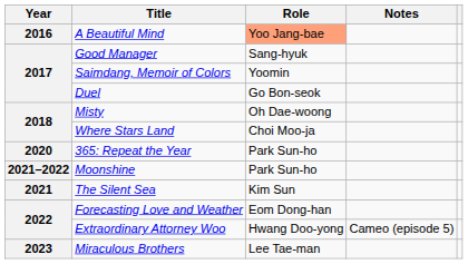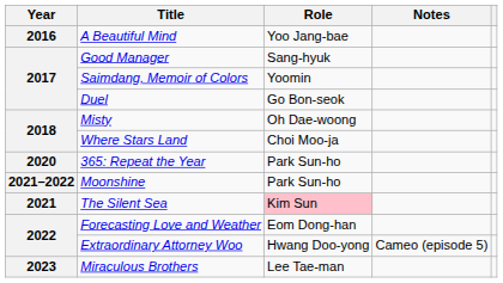 <table class="wikitable plainrowheaders">
 <tr>
 <th scope="col">Year</th>
 <th scope="col">Title</th>
 <th scope="col">Role</th>
 <th>Notes</th>
 <th scope="col" class="unsortable"></th>
 </tr>
 <tr>
 <th scope="row">2016</th>
 <td><em><a href='#'>A Beautiful Mind</a></em></td>
-<td style="background: lightsalmon;">Yoo Jang-bae</td>
+<td>Yoo Jang-bae</td>
 <td></td>
 <td></td>
 </tr>
 <tr>
 <th scope="row" rowspan="3">2017</th>
 <td><em><a href='#'>Good Manager</a></em></td>
 <td>Sang-hyuk</td>
 <td></td>
 <td></td>
 </tr>
 <tr>
 <td><em><a href='#'>Saimdang, Memoir of Colors</a></em></td>
 <td>Yoomin</td>
 <td></td>
 <td></td>
 </tr>
 <tr>
 <td><em><a href='#'>Duel</a></em></td>
 <td>Go Bon-seok</td>
 <td></td>
 <td></td>
 </tr>
 <tr>
 <th scope="row" rowspan="2">2018</th>
 <td><em><a href='#'>Misty</a></em></td>
 <td>Oh Dae-woong</td>
 <td></td>
 <td></td>
 </tr>
 <tr>
 <td><em><a href='#'>Where Stars Land</a></em></td>
 <td>Choi Moo-ja</td>
 <td></td>
 <td></td>
 </tr>
 <tr>
 <th scope="row">2020</th>
 <td><em><a href='#'>365: Repeat the Year</a></em></td>
 <td>Park Sun-ho</td>
 <td></td>
 <td></td>
 </tr>
 <tr>
 <th scope="row">2021–2022</th>
 <td><em><a href='#'>Moonshine</a></em></td>
 <td>Park Sun-ho</td>
 <td></td>
 <td></td>
 </tr>
 <tr>
 <th scope="row">2021</th>
 <td><em><a href='#'>The Silent Sea</a></em></td>
-<td>Kim Sun</td>
+<td style="background: pink;">Kim Sun</td>
 <td></td>
 </tr>
 <tr>
 <th scope="row" rowspan=2>2022</th>
 <td><em><a href='#'>Forecasting Love and Weather</a></em></td>
 <td>Eom Dong-han</td>
 <td></td>
 <td></td>
 </tr>
 <tr>
 <td><em><a href='#'>Extraordinary Attorney Woo</a></em></td>
 <td>Hwang Doo-yong</td>
 <td>Cameo (episode 5)</td>
 <td></td>
 </tr>
 <tr>
 <th scope="row">2023</th>
 <td><em><a href='#'>Miraculous Brothers</a></em></td>
 <td>Lee Tae-man</td>
 <td></td>
 <td></td>
 </tr>
 </table>
